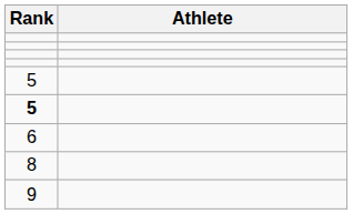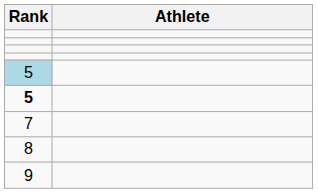 <table class="wikitable" style="text-align: center;">
 <tr>
 <th width=40>Rank</th>
 <th width=250>Athlete</th>
 </tr>
 <tr>
 <td></td>
 <td align=left></td>
 </tr>
 <tr>
 <td></td>
 <td align=left></td>
 </tr>
 <tr>
 <td></td>
 <td align=left></td>
 </tr>
 <tr>
 <td></td>
 <td align=left></td>
 </tr>
 <tr>
-<td>5</td>
+<td style="background: lightblue;">5</td>
 <td align=left></td>
 </tr>
 <tr>
 <td><strong>5</strong></td>
 <td align=left></td>
 </tr>
 <tr>
-<td>6</td>
+<td>7</td>
 <td align=left></td>
 </tr>
 <tr>
 <td>8</td>
 <td align=left></td>
 </tr>
 <tr>
 <td>9</td>
 <td align=left></td>
 </tr>
 </table>
